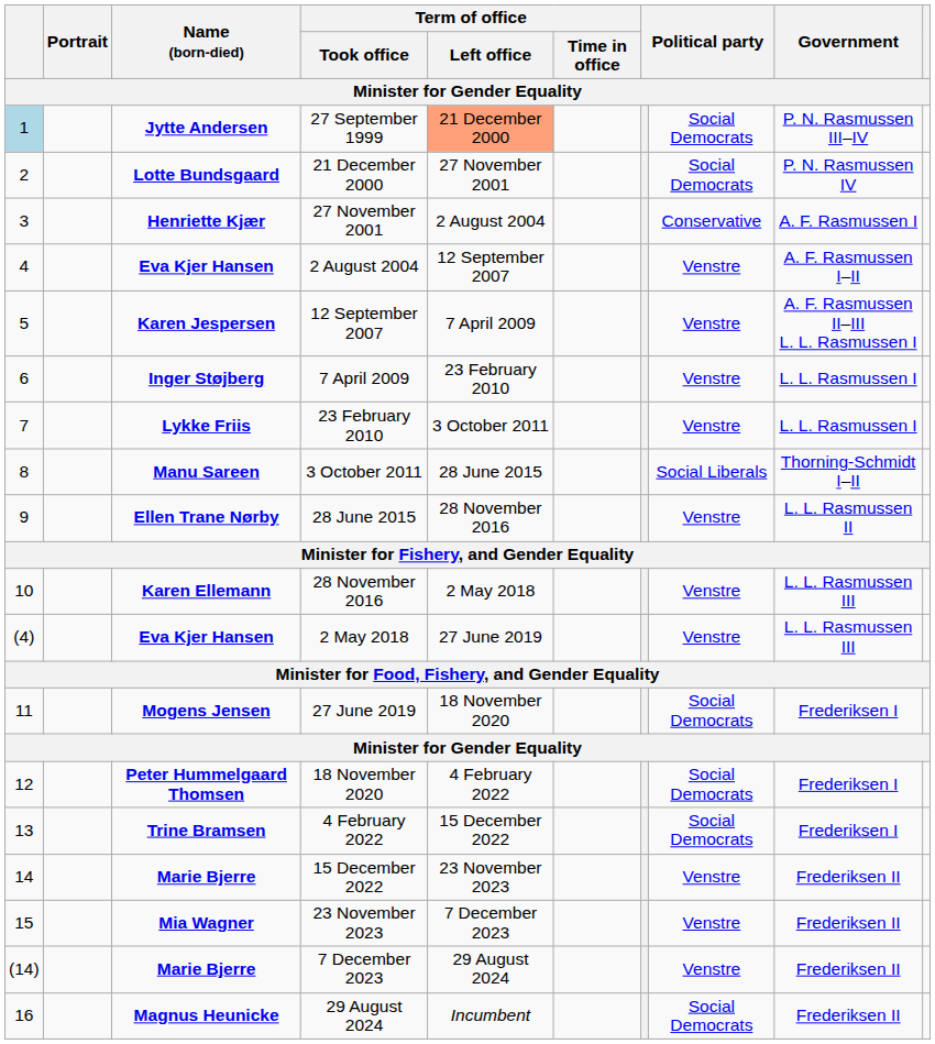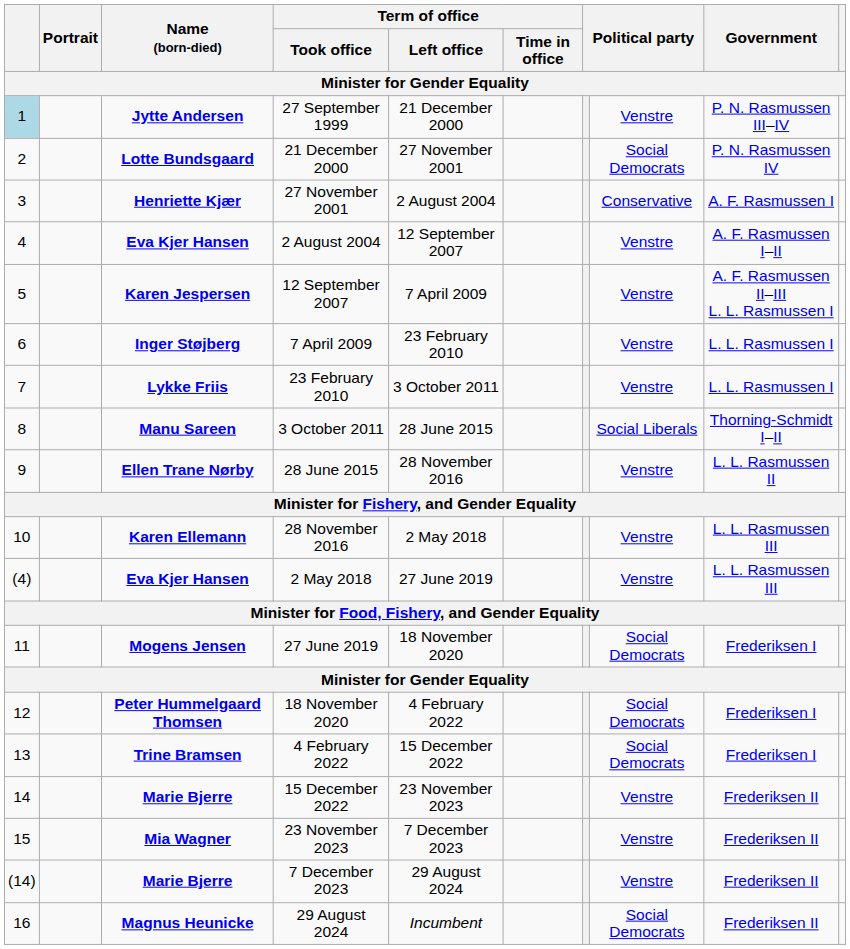 <table class="wikitable" style="text-align:center;">
 <tr>
 <th rowspan=2></th>
 <th rowspan=2>Portrait</th>
 <th rowspan=2>Name<br><small>(born-died)</small></th>
 <th colspan=3>Term of office</th>
 <th colspan=2 rowspan=2>Political party</th>
 <th rowspan=2>Government</th>
 <th rowspan=2></th>
 </tr>
 <tr>
 <th>Took office</th>
 <th>Left office</th>
 <th>Time in office</th>
 </tr>
 <tr>
 <th colspan=10>Minister for Gender Equality<br></th>
 </tr>
 <tr>
 <td style="background: lightblue;">1</td>
 <td></td>
 <td><strong><a href='#'>Jytte Andersen</a></strong><br></td>
 <td>27 September 1999</td>
-<td style="background: lightsalmon;">21 December 2000</td>
+<td>21 December 2000</td>
 <td></td>
 <th style="background:"></th>
-<td><a href='#'>Social Democrats</a></td>
+<td><a href='#'>Venstre</a></td>
 <td><a href='#'>P. N. Rasmussen III</a>–<a href='#'>IV</a></td>
 <td></td>
 </tr>
 <tr>
 <td>2</td>
 <td></td>
 <td><strong><a href='#'>Lotte Bundsgaard</a></strong><br></td>
 <td>21 December 2000</td>
 <td>27 November 2001</td>
 <td></td>
 <th style="background:"></th>
 <td><a href='#'>Social Democrats</a></td>
 <td><a href='#'>P. N. Rasmussen IV</a></td>
 <td></td>
 </tr>
 <tr>
 <td>3</td>
 <td></td>
 <td><strong><a href='#'>Henriette Kjær</a></strong><br></td>
 <td>27 November 2001</td>
 <td>2 August 2004</td>
 <td></td>
 <th style="background:"></th>
 <td><a href='#'>Conservative</a></td>
 <td><a href='#'>A. F. Rasmussen I</a></td>
 <td></td>
 </tr>
 <tr>
 <td>4</td>
 <td></td>
 <td><strong><a href='#'>Eva Kjer Hansen</a></strong><br></td>
 <td>2 August 2004</td>
 <td>12 September 2007</td>
 <td></td>
 <th style="background:"></th>
 <td><a href='#'>Venstre</a></td>
 <td><a href='#'>A. F. Rasmussen I</a>–<a href='#'>II</a></td>
 <td></td>
 </tr>
 <tr>
 <td>5</td>
 <td></td>
 <td><strong><a href='#'>Karen Jespersen</a></strong><br></td>
 <td>12 September 2007</td>
 <td>7 April 2009</td>
 <td></td>
 <th style="background:"></th>
 <td><a href='#'>Venstre</a></td>
 <td><a href='#'>A. F. Rasmussen II</a>–<a href='#'>III</a><br><a href='#'>L. L. Rasmussen I</a></td>
 <td><br></td>
 </tr>
 <tr>
 <td>6</td>
 <td></td>
 <td><strong><a href='#'>Inger Støjberg</a></strong><br></td>
 <td>7 April 2009</td>
 <td>23 February 2010</td>
 <td></td>
 <th style="background:"></th>
 <td><a href='#'>Venstre</a></td>
 <td><a href='#'>L. L. Rasmussen I</a></td>
 <td></td>
 </tr>
 <tr>
 <td>7</td>
 <td></td>
 <td><strong><a href='#'>Lykke Friis</a></strong><br></td>
 <td>23 February 2010</td>
 <td>3 October 2011</td>
 <td></td>
 <th style="background:"></th>
 <td><a href='#'>Venstre</a></td>
 <td><a href='#'>L. L. Rasmussen I</a></td>
 <td></td>
 </tr>
 <tr>
 <td>8</td>
 <td></td>
 <td><strong><a href='#'>Manu Sareen</a></strong><br></td>
 <td>3 October 2011</td>
 <td>28 June 2015</td>
 <td></td>
 <th style="background:"></th>
 <td><a href='#'>Social Liberals</a></td>
 <td><a href='#'>Thorning-Schmidt I</a>–<a href='#'>II</a></td>
 <td></td>
 </tr>
 <tr>
 <td>9</td>
 <td></td>
 <td><strong><a href='#'>Ellen Trane Nørby</a></strong><br></td>
 <td>28 June 2015</td>
 <td>28 November 2016</td>
 <td></td>
 <th style="background:"></th>
 <td><a href='#'>Venstre</a></td>
 <td><a href='#'>L. L. Rasmussen II</a></td>
 <td></td>
 </tr>
 <tr>
 <th colspan=10>Minister for <a href='#'>Fishery</a>, and Gender Equality<br></th>
 </tr>
 <tr>
 <td>10</td>
 <td></td>
 <td><strong><a href='#'>Karen Ellemann</a></strong><br></td>
 <td>28 November 2016</td>
 <td>2 May 2018</td>
 <td></td>
 <th style="background:"></th>
 <td><a href='#'>Venstre</a></td>
 <td><a href='#'>L. L. Rasmussen III</a></td>
 <td></td>
 </tr>
 <tr>
 <td>(4)</td>
 <td></td>
 <td><strong><a href='#'>Eva Kjer Hansen</a></strong><br></td>
 <td>2 May 2018</td>
 <td>27 June 2019</td>
 <td></td>
 <th style="background:"></th>
 <td><a href='#'>Venstre</a></td>
 <td><a href='#'>L. L. Rasmussen III</a></td>
 <td></td>
 </tr>
 <tr>
 <th colspan=10>Minister for <a href='#'>Food, Fishery</a>, and Gender Equality<br></th>
 </tr>
 <tr>
 <td>11</td>
 <td></td>
 <td><strong><a href='#'>Mogens Jensen</a></strong><br></td>
 <td>27 June 2019</td>
 <td>18 November 2020</td>
 <td></td>
 <th style="background:"></th>
 <td><a href='#'>Social Democrats</a></td>
 <td><a href='#'>Frederiksen I</a></td>
 <td></td>
 </tr>
 <tr>
 <th colspan=10>Minister for Gender Equality<br></th>
 </tr>
 <tr>
 <td>12</td>
 <td></td>
 <td><strong><a href='#'>Peter Hummelgaard Thomsen</a></strong><br></td>
 <td>18 November 2020</td>
 <td>4 February 2022</td>
 <td></td>
 <th style="background:"></th>
 <td><a href='#'>Social Democrats</a></td>
 <td><a href='#'>Frederiksen I</a></td>
 <td></td>
 </tr>
 <tr>
 <td>13</td>
 <td></td>
 <td><strong><a href='#'>Trine Bramsen</a></strong><br></td>
 <td>4 February 2022</td>
 <td>15 December 2022</td>
 <td></td>
 <th style="background:"></th>
 <td><a href='#'>Social Democrats</a></td>
 <td><a href='#'>Frederiksen I</a></td>
 <td></td>
 </tr>
 <tr>
 <td>14</td>
 <td></td>
 <td><strong><a href='#'>Marie Bjerre</a></strong><br></td>
 <td>15 December 2022</td>
 <td>23 November 2023</td>
 <td></td>
 <th style="background:"></th>
 <td><a href='#'>Venstre</a></td>
 <td><a href='#'>Frederiksen II</a></td>
 <td></td>
 </tr>
 <tr>
 <td>15</td>
 <td></td>
 <td><strong><a href='#'>Mia Wagner</a></strong><br></td>
 <td>23 November 2023</td>
 <td>7 December 2023</td>
 <td></td>
 <th style="background:"></th>
 <td><a href='#'>Venstre</a></td>
 <td><a href='#'>Frederiksen II</a></td>
 <td></td>
 </tr>
 <tr>
 <td>(14)</td>
 <td></td>
 <td><strong><a href='#'>Marie Bjerre</a></strong><br></td>
 <td>7 December 2023</td>
 <td>29 August 2024</td>
 <td></td>
 <th style="background:"></th>
 <td><a href='#'>Venstre</a></td>
 <td><a href='#'>Frederiksen II</a></td>
 <td></td>
 </tr>
 <tr>
 <td>16</td>
 <td></td>
 <td><strong><a href='#'>Magnus Heunicke</a></strong><br></td>
 <td>29 August 2024</td>
 <td><em>Incumbent</em></td>
 <td></td>
 <th style="background:"></th>
 <td><a href='#'>Social Democrats</a></td>
 <td><a href='#'>Frederiksen II</a></td>
 <td></td>
 </tr>
 </table>
